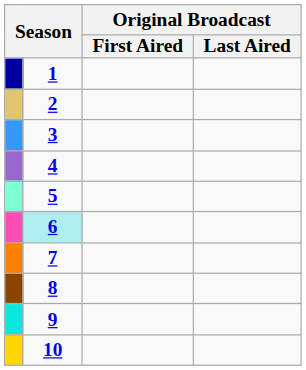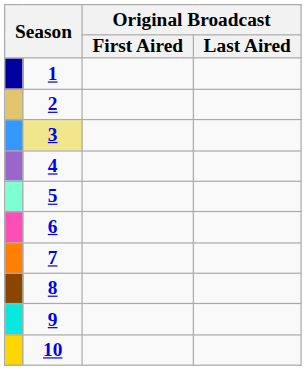 <table class="wikitable" style="text-align:center">
 <tr>
 <th style="padding: 0 8px" colspan="2" rowspan="2">Season</th>
 <th colspan="2">Original Broadcast</th>
 </tr>
 <tr>
 <th style="padding: 0 8px">First Aired</th>
 <th style="padding: 0 8px">Last Aired</th>
 </tr>
 <tr>
 <td style="background:#0000A0"></td>
 <td align="center"><strong><a href='#'>1</a></strong></td>
 <td align="center"></td>
 <td></td>
 </tr>
 <tr>
 <td style="background:#E0C56E"></td>
 <td align="center"><strong><a href='#'>2</a></strong></td>
 <td align="center"></td>
 <td></td>
 </tr>
 <tr>
 <td style="background:#3598FB"></td>
-<td align="center"><strong><a href='#'>3</a></strong></td>
+<td align="center" style="background: khaki;"><strong><a href='#'>3</a></strong></td>
 <td align="center"></td>
 <td></td>
 </tr>
 <tr>
 <td style="background:#9966CC"></td>
 <td align="center"><strong><a href='#'>4</a></strong></td>
 <td align="center"></td>
 <td></td>
 </tr>
 <tr>
 <td style="background:#7FFFD4"></td>
 <td align="center"><strong><a href='#'>5</a></strong></td>
 <td align="center"></td>
 <td></td>
 </tr>
 <tr>
 <td style="background:#FF4DB8"></td>
-<td align="center" style="background: paleturquoise;"><strong><a href='#'>6</a></strong></td>
+<td align="center"><strong><a href='#'>6</a></strong></td>
 <td align="center"></td>
 <td></td>
 </tr>
 <tr>
 <td style="background:#FF7F00"></td>
 <td align="center"><strong><a href='#'>7</a></strong></td>
 <td align="center"></td>
 <td></td>
 </tr>
 <tr>
 <td style="background:#8A4500"></td>
 <td align="center"><strong><a href='#'>8</a></strong></td>
 <td align="center"></td>
 <td></td>
 </tr>
 <tr>
 <td style="background:#08E8DE"></td>
 <td align="center"><strong><a href='#'>9</a></strong></td>
 <td align="center"></td>
 <td></td>
 </tr>
 <tr>
 <td style="background:gold"></td>
 <td align="center"><strong><a href='#'>10</a></strong></td>
 <td align="center"></td>
 <td></td>
 </tr>
 </table>
